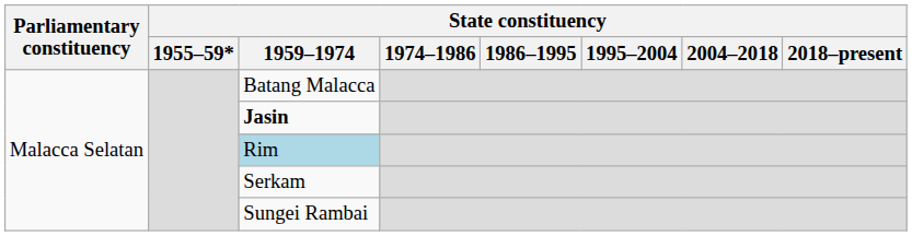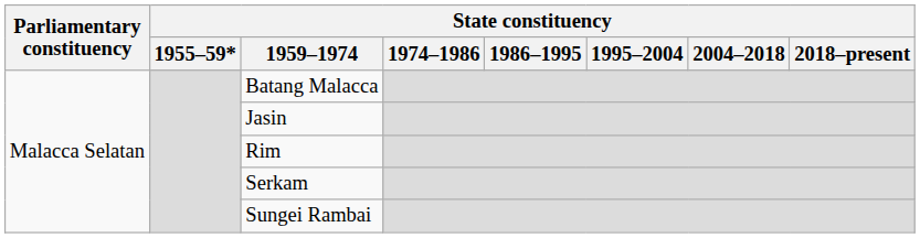 <table class="wikitable">
 <tr>
 <th rowspan="2">Parliamentary<br>constituency</th>
 <th colspan="7">State constituency</th>
 </tr>
 <tr>
 <th>1955–59*</th>
 <th>1959–1974</th>
 <th>1974–1986</th>
 <th>1986–1995</th>
 <th>1995–2004</th>
 <th>2004–2018</th>
 <th>2018–present</th>
 </tr>
 <tr>
 <td rowspan="5">Malacca Selatan</td>
 <td rowspan="5" bgcolor="dcdcdc"></td>
 <td>Batang Malacca</td>
 <td colspan="5" bgcolor="dcdcdc"></td>
 </tr>
 <tr>
-<td><strong>Jasin</strong></td>
+<td>Jasin</td>
 <td colspan="5" bgcolor="dcdcdc"></td>
 </tr>
 <tr>
-<td style="background: lightblue;">Rim</td>
+<td>Rim</td>
 <td colspan="5" bgcolor="dcdcdc"></td>
 </tr>
 <tr>
 <td>Serkam</td>
 <td colspan="5" bgcolor="dcdcdc"></td>
 </tr>
 <tr>
 <td>Sungei Rambai</td>
 <td colspan="5" bgcolor="dcdcdc"></td>
 </tr>
 </table>
